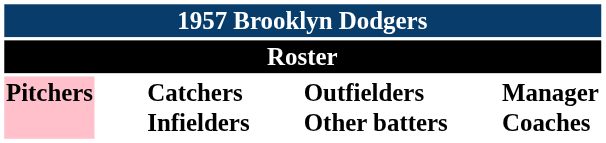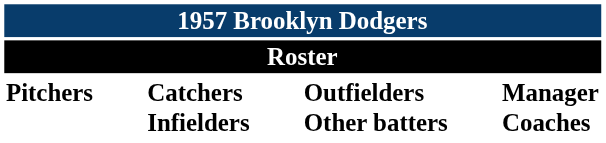 <table class="toccolours" style="font-size: 95%;">
 <tr>
 <th colspan="10" style="background:#083c6b; color:white; text-align:center;">1957 Brooklyn Dodgers</th>
 </tr>
 <tr>
 <td colspan="10" style="background:black; color:white; text-align:center;"><strong>Roster</strong></td>
 </tr>
 <tr>
-<td valign="top" style="background: pink;"><strong>Pitchers</strong><br>                      </td>
+<td valign="top"><strong>Pitchers</strong><br>                      </td>
 <td style="width:25px;"></td>
 <td valign="top"><strong>Catchers</strong><br>    <strong>Infielders</strong>       </td>
 <td style="width:25px;"></td>
 <td valign="top"><strong>Outfielders</strong><br>      <strong>Other batters</strong> </td>
 <td style="width:25px;"></td>
 <td valign="top"><strong>Manager</strong><br> <strong>Coaches</strong>    </td>
 </tr>
 </table>
